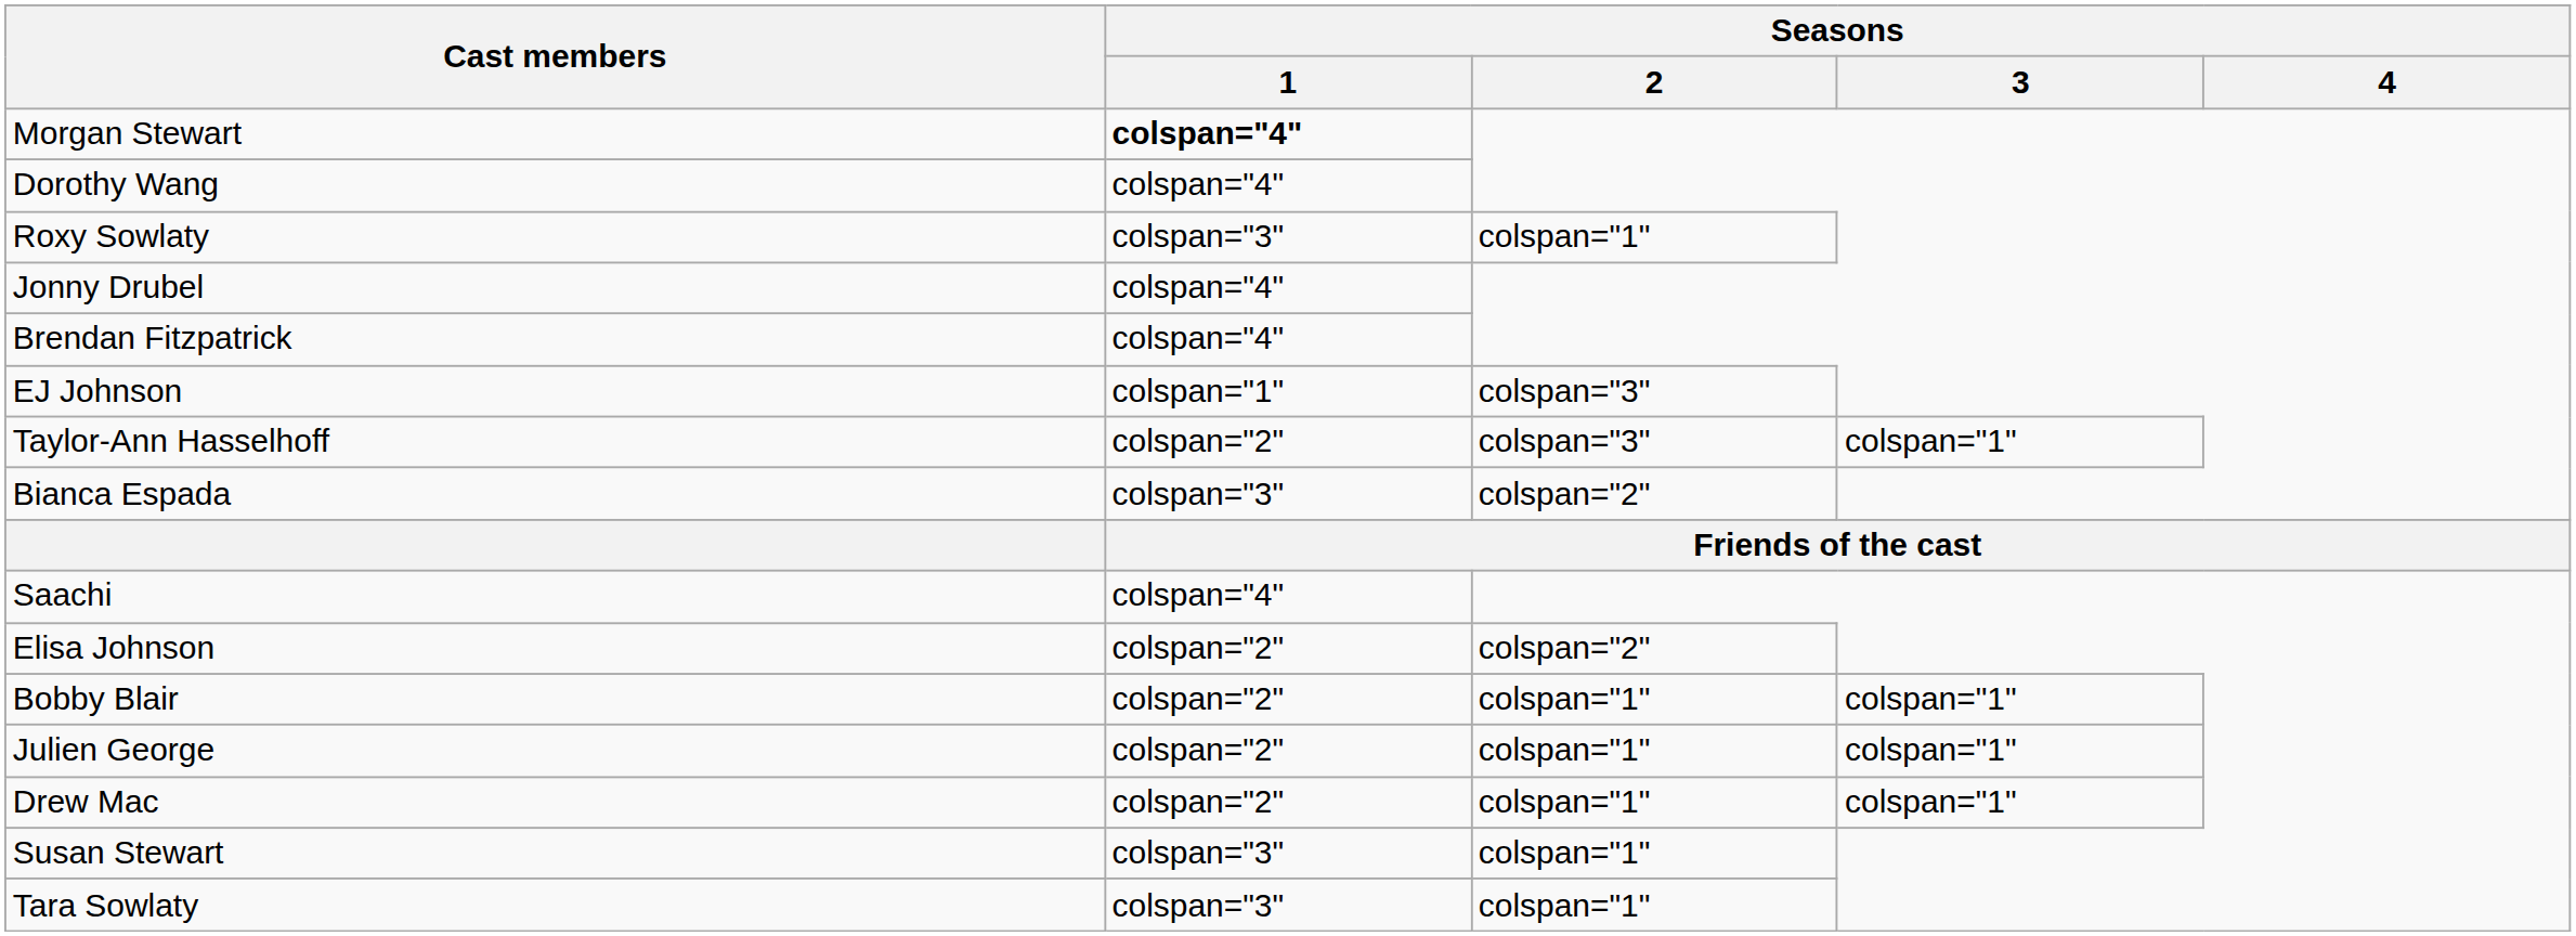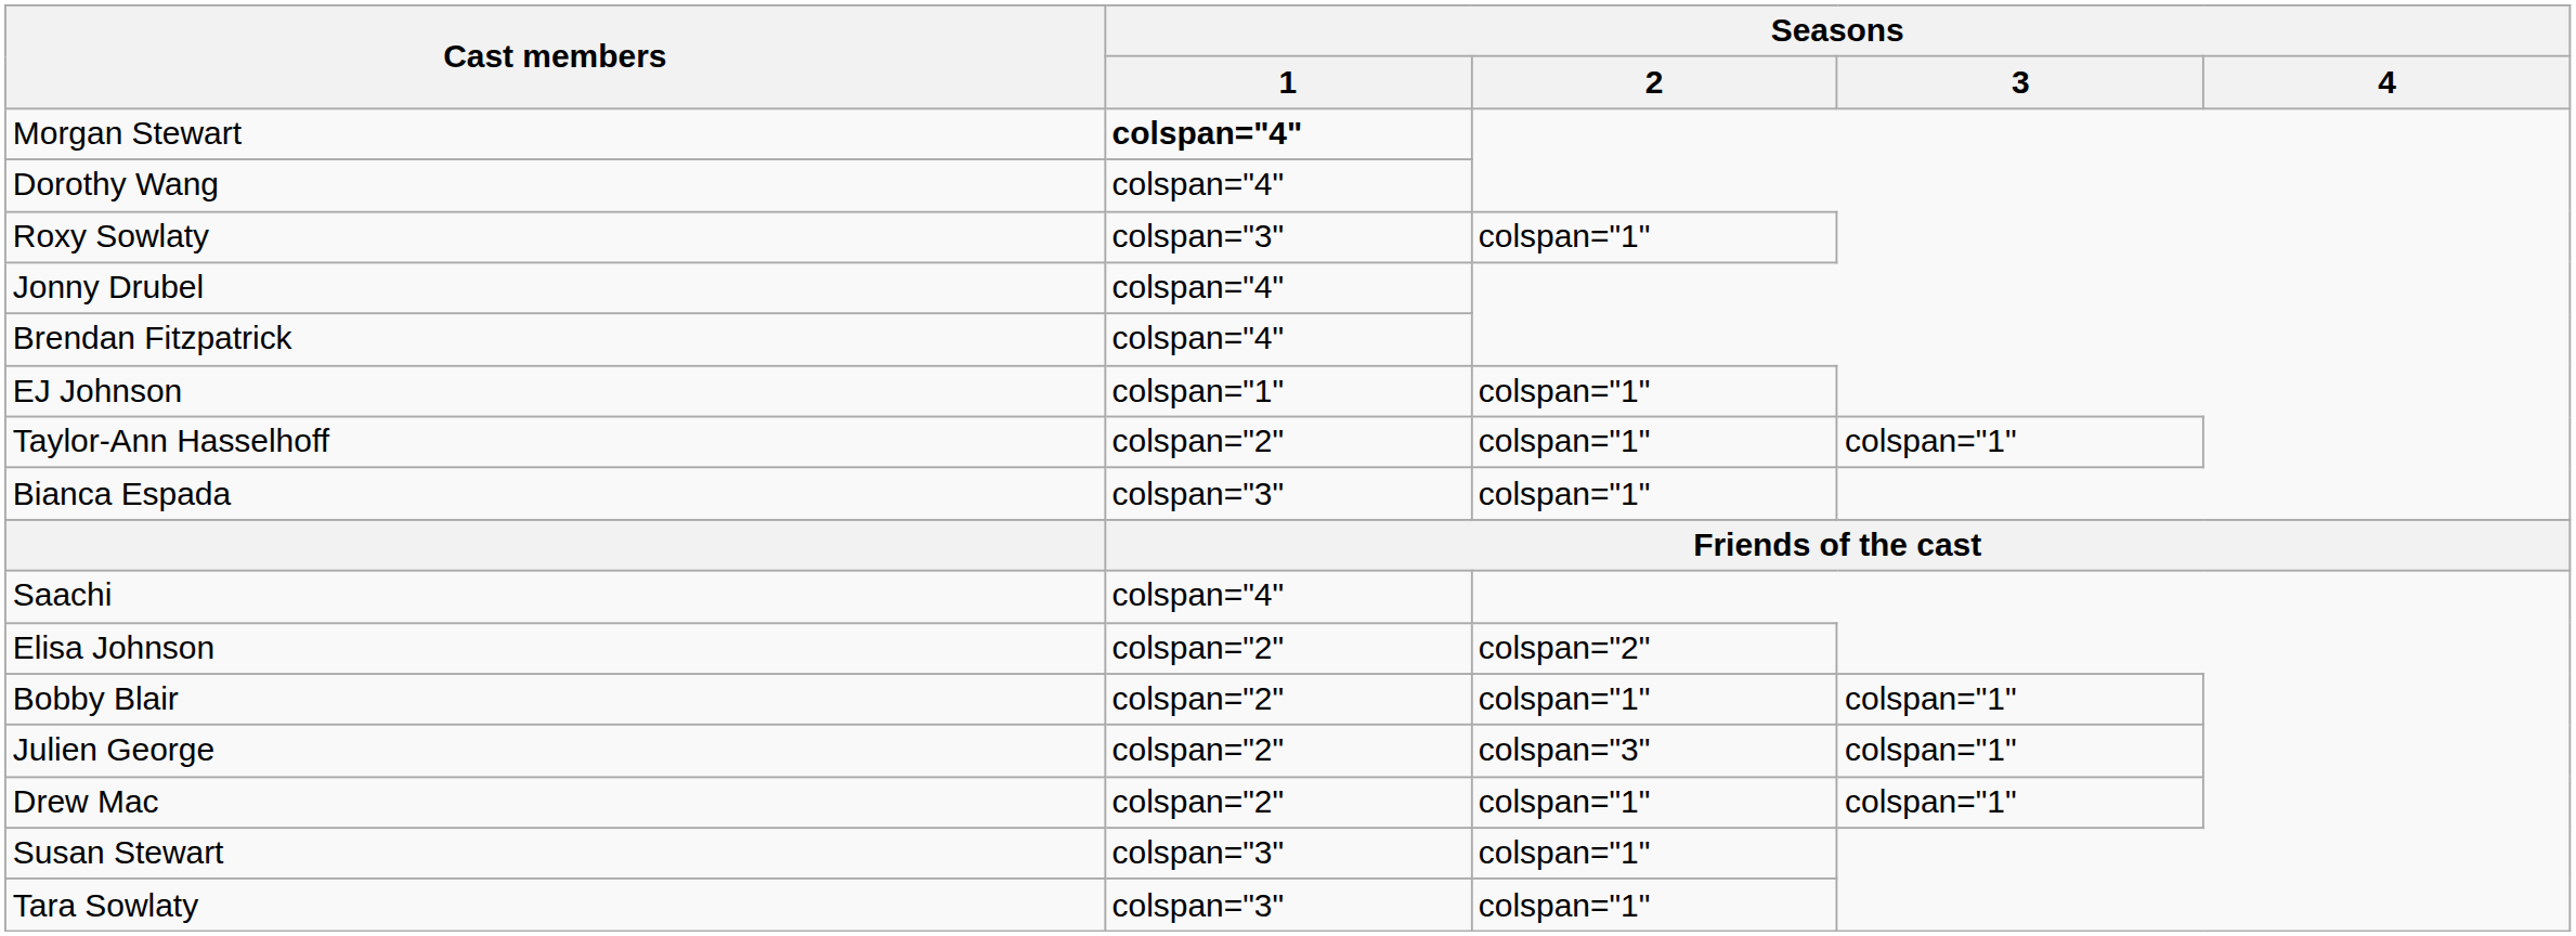 <table class="wikitable plainrowheaders" style="width:80%;">
 <tr>
 <th scope="col" rowspan="2" style="width:30%;">Cast members</th>
 <th colspan="5" scope="col">Seasons</th>
 </tr>
 <tr>
 <th scope="col" style="width:10%;">1</th>
 <th scope="col" style="width:10%;">2</th>
 <th scope="col" style="width:10%;">3</th>
 <th scope="col" style="width:10%;">4</th>
 </tr>
 <tr>
 <td>Morgan Stewart</td>
 <td><strong>colspan="4" </strong></td>
 </tr>
 <tr>
 <td>Dorothy Wang</td>
 <td>colspan="4" </td>
 </tr>
 <tr>
 <td>Roxy Sowlaty</td>
 <td>colspan="3" </td>
 <td>colspan="1" </td>
 </tr>
 <tr>
 <td>Jonny Drubel</td>
 <td>colspan="4" </td>
 </tr>
 <tr>
 <td>Brendan Fitzpatrick</td>
 <td>colspan="4" </td>
 </tr>
 <tr>
 <td>EJ Johnson</td>
 <td>colspan="1" </td>
-<td>colspan="3" </td>
+<td>colspan="1" </td>
 </tr>
 <tr>
 <td nowrap>Taylor-Ann Hasselhoff</td>
 <td>colspan="2" </td>
-<td>colspan="3" </td>
+<td>colspan="1" </td>
 <td>colspan="1" </td>
 </tr>
 <tr>
 <td>Bianca Espada</td>
 <td>colspan="3" </td>
-<td>colspan="2" </td>
+<td>colspan="1" </td>
 </tr>
 <tr>
 <th rowspan="1" style="width:15%"></th>
 <th colspan="5">Friends of the cast</th>
 </tr>
 <tr>
 <td>Saachi</td>
 <td>colspan="4" </td>
 </tr>
 <tr>
 <td>Elisa Johnson</td>
 <td>colspan="2" </td>
 <td>colspan="2" </td>
 </tr>
 <tr>
 <td>Bobby Blair</td>
 <td>colspan="2" </td>
 <td>colspan="1" </td>
 <td>colspan="1" </td>
 </tr>
 <tr>
 <td>Julien George</td>
 <td>colspan="2" </td>
-<td>colspan="1" </td>
+<td>colspan="3" </td>
 <td>colspan="1" </td>
 </tr>
 <tr>
 <td>Drew Mac</td>
 <td>colspan="2" </td>
 <td>colspan="1" </td>
 <td>colspan="1" </td>
 </tr>
 <tr>
 <td>Susan Stewart</td>
 <td>colspan="3" </td>
 <td>colspan="1" </td>
 </tr>
 <tr>
 <td>Tara Sowlaty</td>
 <td>colspan="3" </td>
 <td>colspan="1" </td>
 </tr>
 </table>
